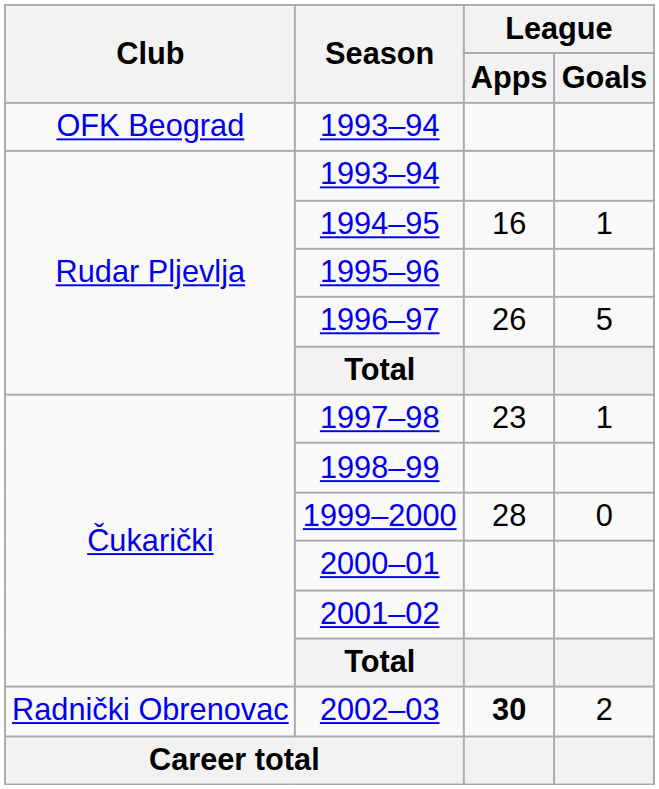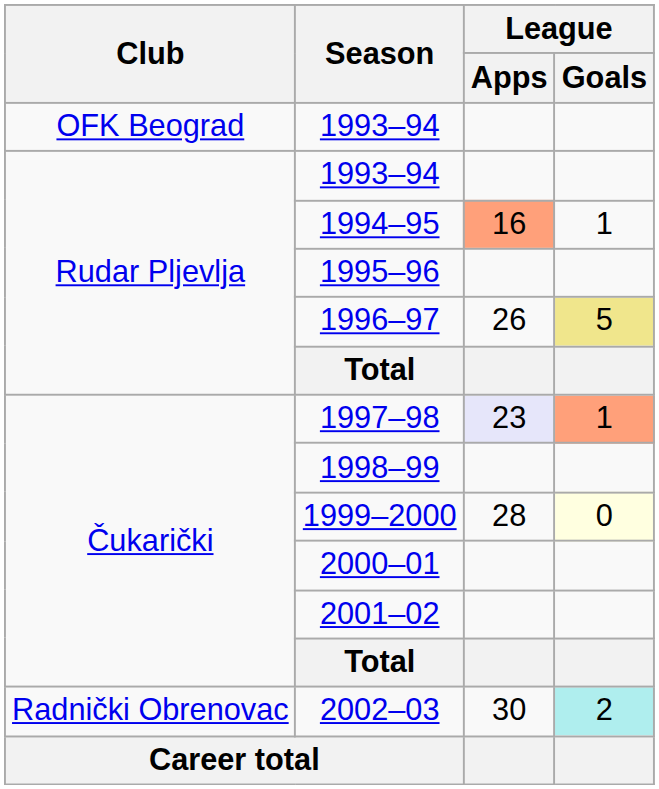 <table class="wikitable" style="text-align:center">
 <tr>
 <th rowspan="2">Club</th>
 <th rowspan="2">Season</th>
 <th colspan="2">League</th>
 </tr>
 <tr>
 <th>Apps</th>
 <th>Goals</th>
 </tr>
 <tr>
 <td><a href='#'>OFK Beograd</a></td>
 <td><a href='#'>1993–94</a></td>
 <td></td>
 <td></td>
 </tr>
 <tr>
 <td rowspan="5"><a href='#'>Rudar Pljevlja</a></td>
 <td><a href='#'>1993–94</a></td>
 <td></td>
 <td></td>
 </tr>
 <tr>
 <td><a href='#'>1994–95</a></td>
-<td>16</td>
+<td style="background: lightsalmon;">16</td>
 <td>1</td>
 </tr>
 <tr>
 <td><a href='#'>1995–96</a></td>
 <td></td>
 <td></td>
 </tr>
 <tr>
 <td><a href='#'>1996–97</a></td>
 <td>26</td>
-<td>5</td>
+<td style="background: khaki;">5</td>
 </tr>
 <tr>
 <th>Total</th>
 <th></th>
 <th></th>
 </tr>
 <tr>
 <td rowspan="6"><a href='#'>Čukarički</a></td>
 <td><a href='#'>1997–98</a></td>
-<td>23</td>
-<td>1</td>
+<td style="background: lavender;">23</td>
+<td style="background: lightsalmon;">1</td>
 </tr>
 <tr>
 <td><a href='#'>1998–99</a></td>
 <td></td>
 <td></td>
 </tr>
 <tr>
 <td><a href='#'>1999–2000</a></td>
 <td>28</td>
-<td>0</td>
+<td style="background: lightyellow;">0</td>
 </tr>
 <tr>
 <td><a href='#'>2000–01</a></td>
 <td></td>
 <td></td>
 </tr>
 <tr>
 <td><a href='#'>2001–02</a></td>
 <td></td>
 <td></td>
 </tr>
 <tr>
 <th>Total</th>
 <th></th>
 <th></th>
 </tr>
 <tr>
 <td><a href='#'>Radnički Obrenovac</a></td>
 <td><a href='#'>2002–03</a></td>
-<td><strong>30</strong></td>
-<td>2</td>
+<td>30</td>
+<td style="background: paleturquoise;">2</td>
 </tr>
 <tr>
 <th colspan="2">Career total</th>
 <th></th>
 <th></th>
 </tr>
 </table>
